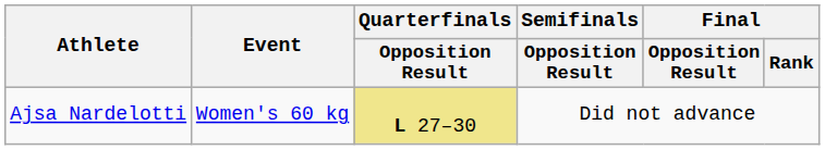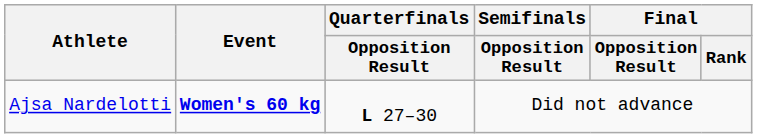 <table class="wikitable" style="font-size:90%">
 <tr>
 <th rowspan=2>Athlete</th>
 <th rowspan=2>Event</th>
 <th>Quarterfinals</th>
 <th>Semifinals</th>
 <th colspan=2>Final</th>
 </tr>
 <tr style="font-size:95%">
 <th>Opposition<br>Result</th>
 <th>Opposition<br>Result</th>
 <th>Opposition<br>Result</th>
 <th>Rank</th>
 </tr>
 <tr align=center>
 <td align=left><a href='#'>Ajsa Nardelotti</a></td>
-<td align=left><a href='#'>Women's 60 kg</a></td>
-<td style="background: khaki;"><br><strong>L</strong> 27–30</td>
+<td align=left><strong><a href='#'>Women's 60 kg</a></strong></td>
+<td><br><strong>L</strong> 27–30</td>
 <td colspan=3>Did not advance</td>
 </tr>
 </table>
